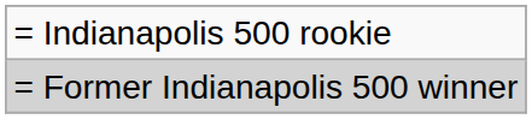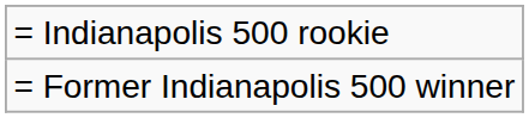 <table class="wikitable" style="font-size: 95%;">
 <tr>
 <td> = Indianapolis 500 rookie</td>
 </tr>
 <tr>
-<td style="background: lightgrey;"> = Former Indianapolis 500 winner</td>
+<td> = Former Indianapolis 500 winner</td>
 </tr>
 </table>
